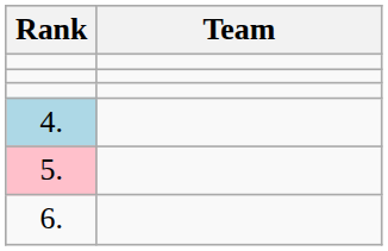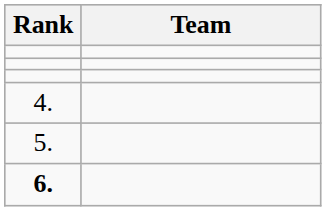 <table class="wikitable" style="text-align: center;">
 <tr>
 <th width=40>Rank</th>
 <th width=140>Team</th>
 </tr>
 <tr>
 <td></td>
 <td style="text-align:left;"><strong></strong></td>
 </tr>
 <tr>
 <td></td>
 <td style="text-align:left;"></td>
 </tr>
 <tr>
 <td></td>
 <td style="text-align:left;"></td>
 </tr>
 <tr>
-<td style="background: lightblue;">4.</td>
+<td>4.</td>
 <td style="text-align:left;"></td>
 </tr>
 <tr>
-<td style="background: pink;">5.</td>
+<td>5.</td>
 <td style="text-align:left;"></td>
 </tr>
 <tr>
-<td>6.</td>
+<td><strong>6.</strong></td>
 <td style="text-align:left;"></td>
 </tr>
 </table>
